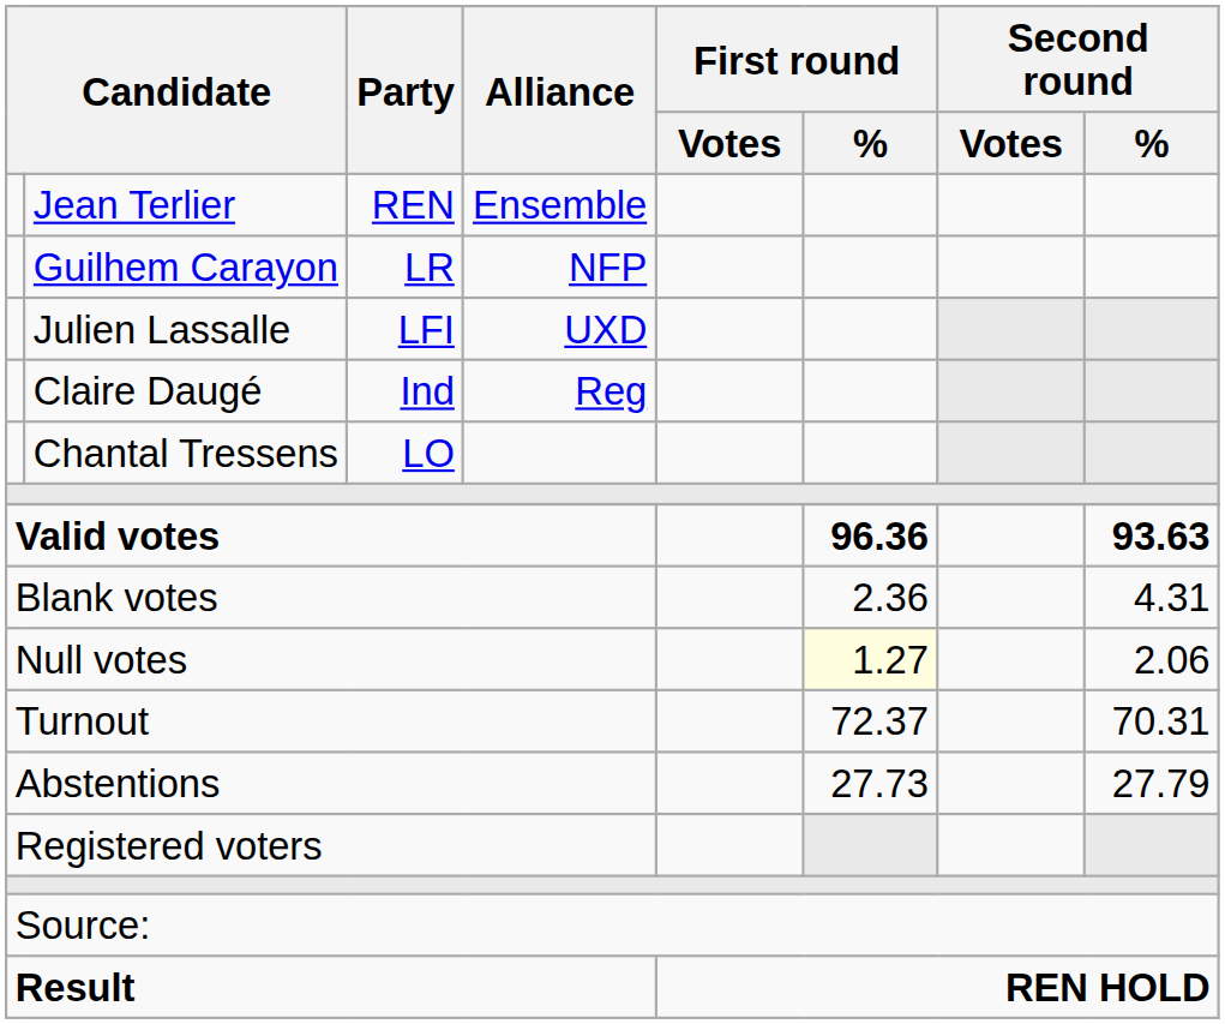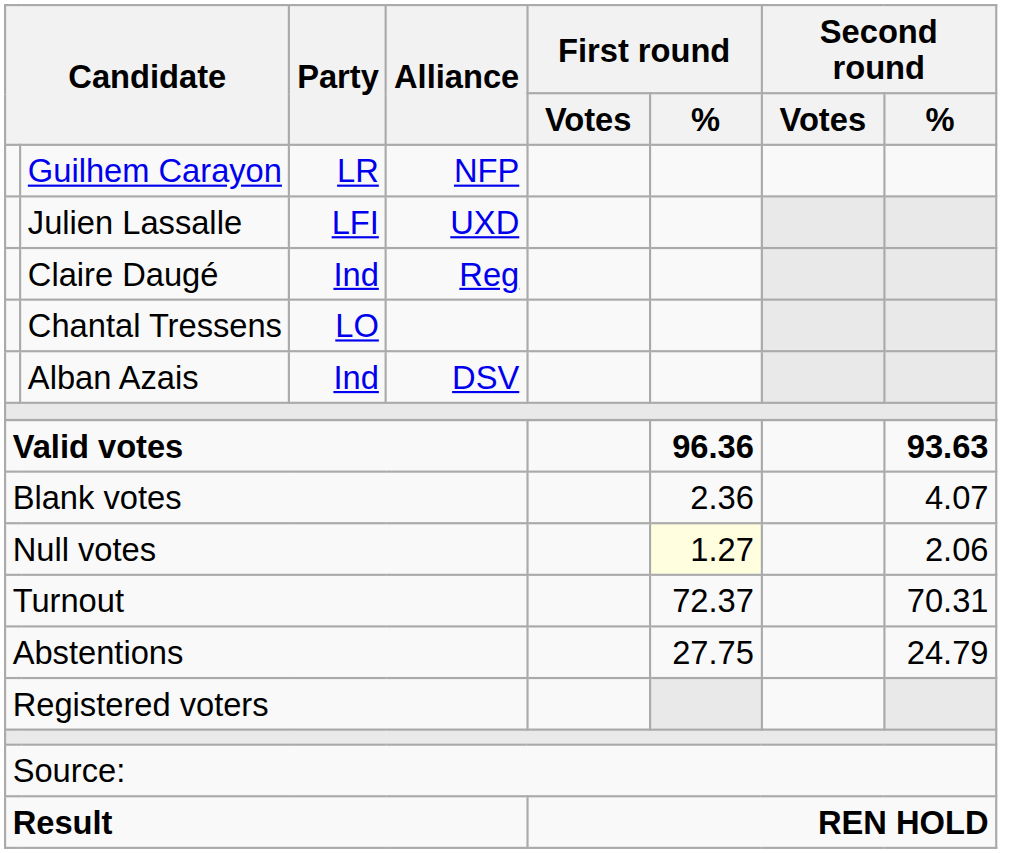 <table class="wikitable" style="text-align:right;font-size:95%;">
 <tr>
 <th colspan="2" rowspan="2">Candidate</th>
 <th colspan="1" rowspan="2">Party</th>
 <th colspan="1" rowspan="2">Alliance</th>
 <th colspan="2">First round</th>
 <th colspan="2">Second round</th>
 </tr>
 <tr>
 <th style="width:50px;">Votes</th>
 <th style="width:45px;">%</th>
 <th style="width:50px;">Votes</th>
 <th style="width:45px;">%</th>
-</tr>
-<tr>
-<td style="color:inherit;background:"></td>
-<td style="text-align:left;"><a href='#'>Jean Terlier</a></td>
-<td><a href='#'>REN</a></td>
-<td><a href='#'>Ensemble</a></td>
-<td></td>
-<td></td>
-<td><strong></strong></td>
-<td><strong></strong></td>
 </tr>
 <tr>
 <td style="color:inherit;background:"></td>
 <td style="text-align:left;"><a href='#'>Guilhem Carayon</a></td>
 <td><a href='#'>LR</a></td>
 <td><a href='#'>NFP</a></td>
 <td></td>
 <td></td>
 <td></td>
 <td></td>
 </tr>
 <tr>
 <td style="color:inherit;background:"></td>
 <td style="text-align:left;">Julien Lassalle</td>
 <td><a href='#'>LFI</a></td>
 <td><a href='#'>UXD</a></td>
 <td></td>
 <td></td>
 <td style="background:#E9E9E9;"></td>
 <td style="background:#E9E9E9;"></td>
 </tr>
 <tr>
 <td style="color:inherit;background:"></td>
 <td style="text-align:left;">Claire Daugé</td>
 <td><a href='#'>Ind</a></td>
 <td><a href='#'>Reg</a></td>
 <td></td>
 <td></td>
 <td style="background:#E9E9E9;"></td>
 <td style="background:#E9E9E9;"></td>
 </tr>
 <tr>
 <td style="color:inherit;background:"></td>
 <td style="text-align:left;">Chantal Tressens</td>
 <td><a href='#'>LO</a></td>
 <td></td>
 <td></td>
 <td></td>
 <td style="background:#E9E9E9;"></td>
 <td style="background:#E9E9E9;"></td>
 </tr>
 <tr>
+<td style="color:inherit;background:"></td>
+<td style="text-align:left;">Alban Azais</td>
+<td><a href='#'>Ind</a></td>
+<td><a href='#'>DSV</a></td>
+<td></td>
+<td></td>
+<td style="background:#E9E9E9;"></td>
+<td style="background:#E9E9E9;"></td>
+</tr>
+<tr>
 <td colspan="8" style="background:#E9E9E9;"></td>
 </tr>
 <tr>
 </tr>
 <tr style="font-weight:bold;">
 <td colspan="4" style="text-align:left;">Valid votes</td>
 <td></td>
 <td>96.36</td>
 <td></td>
 <td>93.63</td>
 </tr>
 <tr>
 <td colspan="4" style="text-align:left;">Blank votes</td>
 <td></td>
 <td>2.36</td>
 <td></td>
-<td>4.31</td>
+<td>4.07</td>
 </tr>
 <tr>
 <td colspan="4" style="text-align:left;">Null votes</td>
 <td></td>
 <td style="background: lightyellow;">1.27</td>
 <td></td>
 <td>2.06</td>
 </tr>
 <tr>
 <td colspan="4" style="text-align:left;">Turnout</td>
 <td></td>
 <td>72.37</td>
 <td></td>
 <td>70.31</td>
 </tr>
 <tr>
 <td colspan="4" style="text-align:left;">Abstentions</td>
 <td></td>
-<td>27.73</td>
+<td>27.75</td>
 <td></td>
-<td>27.79</td>
+<td>24.79</td>
 </tr>
 <tr>
 <td colspan="4" style="text-align:left;">Registered voters</td>
 <td></td>
 <td style="background:#E9E9E9;"></td>
 <td></td>
 <td style="background:#E9E9E9;"></td>
 </tr>
 <tr>
 <td colspan="8" style="background:#E9E9E9;"></td>
 </tr>
 <tr>
 <td colspan="8" style="text-align:left;">Source: </td>
 </tr>
 <tr style="font-weight:bold">
 <td colspan="4" style="text-align:left;">Result</td>
 <td colspan="4" style="background-color:">REN HOLD</td>
 </tr>
 </table>
